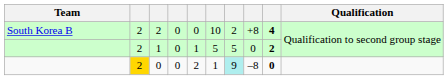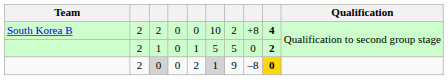 <table class="wikitable" style="text-align:center;">
 <tr>
 <th width=175>Team</th>
 <th width=20></th>
 <th width=20></th>
 <th width=20></th>
 <th width=20></th>
 <th width=20></th>
 <th width=20></th>
 <th width=20></th>
 <th width=20></th>
 <th>Qualification</th>
 </tr>
 <tr bgcolor="#ccffcc">
 <td align="left"> <a href='#'>South Korea B</a></td>
 <td>2</td>
 <td>2</td>
 <td>0</td>
 <td>0</td>
 <td>10</td>
 <td>2</td>
 <td>+8</td>
 <td><strong>4</strong></td>
 <td rowspan="2">Qualification to second group stage</td>
 </tr>
 <tr bgcolor="#ccffcc">
 <td align="left"></td>
 <td>2</td>
 <td>1</td>
 <td>0</td>
 <td>1</td>
 <td>5</td>
 <td>5</td>
 <td>0</td>
 <td><strong>2</strong></td>
 </tr>
 <tr>
 <td align="left"></td>
-<td style="background: gold;">2</td>
-<td>0</td>
+<td>2</td>
+<td style="background: lightgrey;">0</td>
 <td>0</td>
 <td>2</td>
-<td>1</td>
-<td style="background: paleturquoise;">9</td>
+<td style="background: lightgrey;">1</td>
+<td>9</td>
 <td>–8</td>
-<td><strong>0</strong></td>
+<td style="background: gold;"><strong>0</strong></td>
 <td></td>
 </tr>
 </table>
